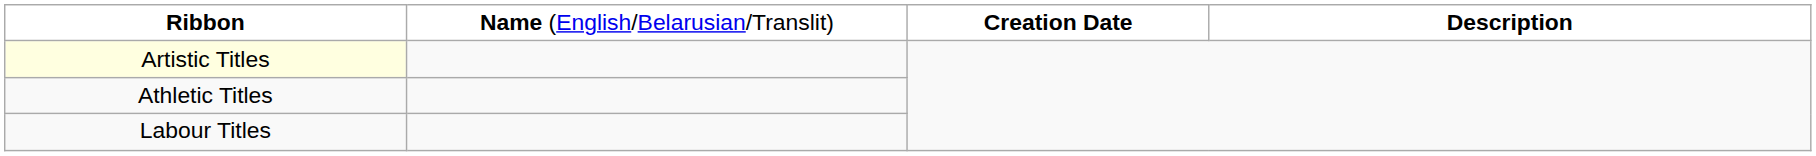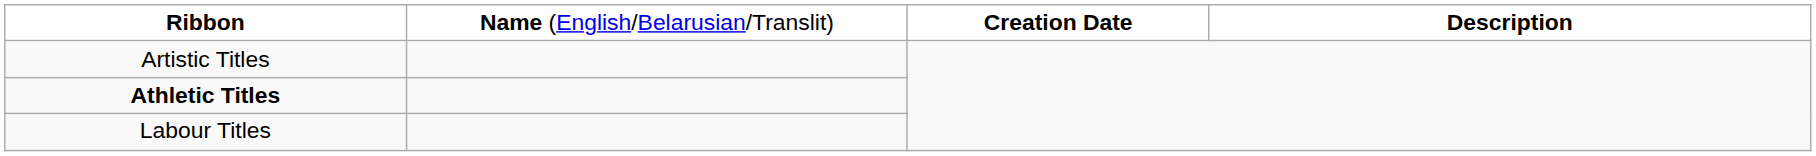 <table class="wikitable" width="100%" style="text-align:center;">
 <tr>
 <td width="20%" bgcolor="#FFFFFF"><strong>Ribbon</strong></td>
 <td width="25%" bgcolor="#FFFFFF"><strong>Name</strong> (<a href='#'>English</a>/<a href='#'>Belarusian</a>/Translit)</td>
 <td width="15%" bgcolor="#FFFFFF"><strong>Creation Date</strong></td>
 <td width="30%" bgcolor="#FFFFFF"><strong>Description</strong></td>
 </tr>
 <tr>
-<td style="background: lightyellow;">Artistic Titles</td>
+<td>Artistic Titles</td>
 <td></td>
 </tr>
 <tr>
-<td>Athletic Titles</td>
+<td><strong>Athletic Titles</strong></td>
 <td></td>
 </tr>
 <tr>
 <td>Labour Titles</td>
 <td></td>
 </tr>
 </table>
